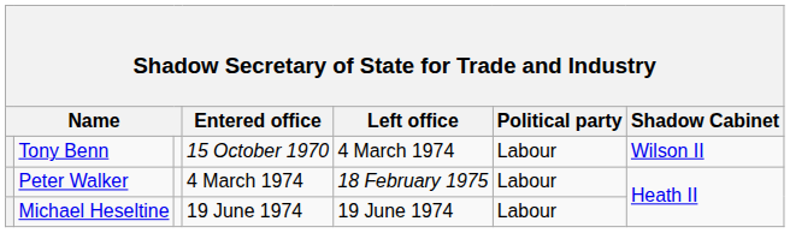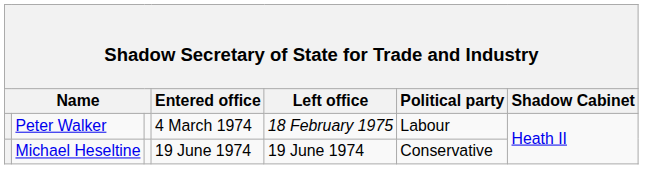 <table class="wikitable">
 <tr>
 <th colspan=7><br><h3>Shadow Secretary of State for Trade and Industry</h3></th>
 </tr>
 <tr>
 <th colspan=3>Name</th>
 <th>Entered office</th>
 <th>Left office</th>
 <th>Political party</th>
 <th>Shadow Cabinet</th>
-</tr>
-<tr>
-<th style="background-color: "></th>
-<td><a href='#'>Tony Benn</a></td>
-<td></td>
-<td><em>15 October 1970</em></td>
-<td>4 March 1974</td>
-<td>Labour</td>
-<td><a href='#'>Wilson II</a></td>
 </tr>
 <tr>
 <th style="background-color: "></th>
 <td><a href='#'>Peter Walker</a></td>
 <td></td>
 <td>4 March 1974</td>
 <td><em>18 February 1975</em></td>
 <td>Labour</td>
 <td rowspan=2 ><a href='#'>Heath II</a></td>
 </tr>
 <tr>
 <th style="background-color: "></th>
 <td><a href='#'>Michael Heseltine</a></td>
 <td></td>
 <td>19 June 1974</td>
 <td>19 June 1974</td>
-<td>Labour</td>
+<td>Conservative</td>
 </tr>
 </table>
